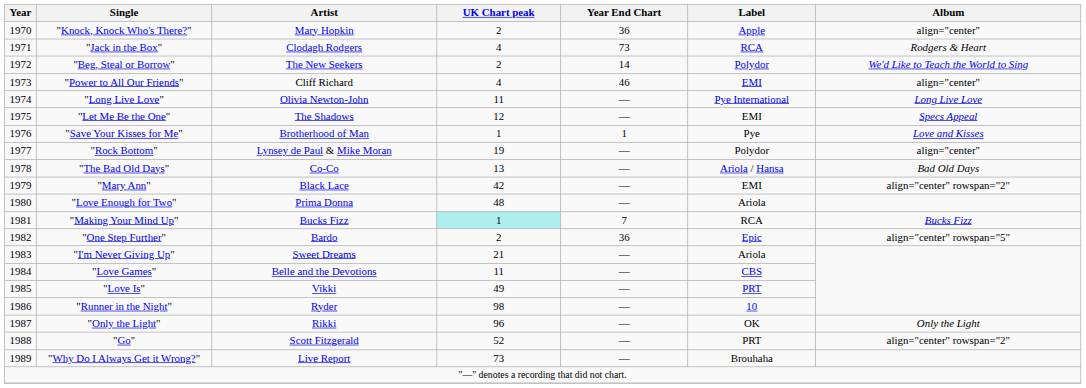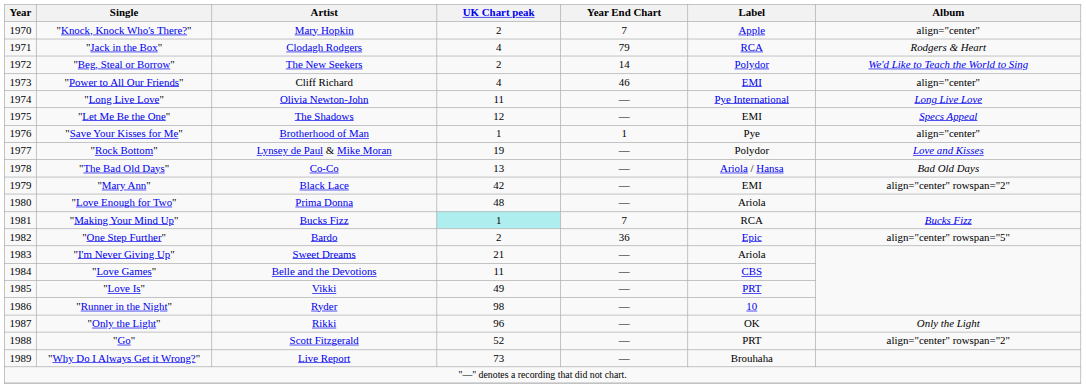 <table class="wikitable" style="text-align:center;width:100%;">
 <tr>
 <th width="40">Year</th>
 <th width="250">Single</th>
 <th>Artist</th>
 <th><a href='#'>UK Chart peak</a></th>
 <th>Year End Chart</th>
 <th>Label</th>
 <th>Album</th>
 </tr>
 <tr>
 <td align="center">1970</td>
 <td align="center">"<a href='#'>Knock, Knock Who's There?</a>"</td>
 <td align="center"><a href='#'>Mary Hopkin</a></td>
 <td align="center">2</td>
-<td align="center">36</td>
+<td align="center">7</td>
 <td align="center"><a href='#'>Apple</a></td>
 <td>align="center" </td>
 </tr>
 <tr>
 <td align="center">1971</td>
 <td align="center">"<a href='#'>Jack in the Box</a>"</td>
 <td align="center"><a href='#'>Clodagh Rodgers</a></td>
 <td align="center">4</td>
-<td align="center">73</td>
+<td align="center">79</td>
 <td align="center"><a href='#'>RCA</a></td>
 <td align="center"><em>Rodgers & Heart</em></td>
 </tr>
 <tr>
 <td align="center">1972</td>
 <td align="center">"<a href='#'>Beg, Steal or Borrow</a>"</td>
 <td align="center"><a href='#'>The New Seekers</a></td>
 <td align="center">2</td>
 <td align="center">14</td>
 <td align="center"><a href='#'>Polydor</a></td>
 <td align="center"><a href='#'><em>We'd Like to Teach the World to Sing</em></a></td>
 </tr>
 <tr>
 <td align="center">1973</td>
 <td align="center">"<a href='#'>Power to All Our Friends</a>"</td>
 <td align="center">Cliff Richard</td>
 <td align="center">4</td>
 <td align="center">46</td>
 <td align="center"><a href='#'>EMI</a></td>
 <td>align="center" </td>
 </tr>
 <tr>
 <td align="center">1974</td>
 <td align="center">"<a href='#'>Long Live Love</a>"</td>
 <td align="center"><a href='#'>Olivia Newton-John</a></td>
 <td align="center">11</td>
 <td align="center">—</td>
 <td align="center"><a href='#'>Pye International</a></td>
 <td align="center"><em><a href='#'>Long Live Love</a></em></td>
 </tr>
 <tr>
 <td align="center">1975</td>
 <td align="center">"<a href='#'>Let Me Be the One</a>"</td>
 <td align="center"><a href='#'>The Shadows</a></td>
 <td align="center">12</td>
 <td align="center">—</td>
 <td align="center">EMI</td>
 <td align="center"><em><a href='#'>Specs Appeal</a></em></td>
 </tr>
 <tr>
 <td align="center">1976</td>
 <td align="center">"<a href='#'>Save Your Kisses for Me</a>"</td>
 <td align="center"><a href='#'>Brotherhood of Man</a></td>
 <td align="center">1</td>
 <td align="center">1</td>
 <td align="center">Pye</td>
-<td align="center"><a href='#'><em>Love and Kisses</em></a></td>
+<td>align="center" </td>
 </tr>
 <tr>
 <td align="center">1977</td>
 <td align="center">"<a href='#'>Rock Bottom</a>"</td>
 <td align="center"><a href='#'>Lynsey de Paul</a> & <a href='#'>Mike Moran</a></td>
 <td align="center">19</td>
 <td align="center">—</td>
 <td align="center">Polydor</td>
-<td>align="center" </td>
+<td align="center"><a href='#'><em>Love and Kisses</em></a></td>
 </tr>
 <tr>
 <td align="center">1978</td>
 <td align="center">"<a href='#'>The Bad Old Days</a>"</td>
 <td align="center"><a href='#'>Co-Co</a></td>
 <td align="center">13</td>
 <td align="center">—</td>
 <td align="center"><a href='#'>Ariola</a> / <a href='#'>Hansa</a></td>
 <td align="center"><em>Bad Old Days</em></td>
 </tr>
 <tr>
 <td align="center">1979</td>
 <td align="center">"<a href='#'>Mary Ann</a>"</td>
 <td align="center"><a href='#'>Black Lace</a></td>
 <td align="center">42</td>
 <td align="center">—</td>
 <td align="center">EMI</td>
 <td>align="center" rowspan="2" </td>
 </tr>
 <tr>
 <td align="center">1980</td>
 <td align="center">"<a href='#'>Love Enough for Two</a>"</td>
 <td align="center"><a href='#'>Prima Donna</a></td>
 <td align="center">48</td>
 <td align="center">—</td>
 <td align="center">Ariola</td>
 </tr>
 <tr>
 <td align="center">1981</td>
 <td align="center">"<a href='#'>Making Your Mind Up</a>"</td>
 <td align="center"><a href='#'>Bucks Fizz</a></td>
 <td align="center" style="background: paleturquoise;">1</td>
 <td align="center">7</td>
 <td align="center">RCA</td>
 <td align="center"><a href='#'><em>Bucks Fizz</em></a></td>
 </tr>
 <tr>
 <td align="center">1982</td>
 <td align="center">"<a href='#'>One Step Further</a>"</td>
 <td align="center"><a href='#'>Bardo</a></td>
 <td align="center">2</td>
 <td align="center">36</td>
 <td align="center"><a href='#'>Epic</a></td>
 <td>align="center" rowspan="5" </td>
 </tr>
 <tr>
 <td align="center">1983</td>
 <td align="center">"<a href='#'>I'm Never Giving Up</a>"</td>
 <td align="center"><a href='#'>Sweet Dreams</a></td>
 <td align="center">21</td>
 <td align="center">—</td>
 <td align="center">Ariola</td>
 </tr>
 <tr>
 <td align="center">1984</td>
 <td align="center">"<a href='#'>Love Games</a>"</td>
 <td align="center"><a href='#'>Belle and the Devotions</a></td>
 <td align="center">11</td>
 <td align="center">—</td>
 <td align="center"><a href='#'>CBS</a></td>
 </tr>
 <tr>
 <td align="center">1985</td>
 <td align="center">"<a href='#'>Love Is</a>"</td>
 <td align="center"><a href='#'>Vikki</a></td>
 <td align="center">49</td>
 <td align="center">—</td>
 <td align="center"><a href='#'>PRT</a></td>
 </tr>
 <tr>
 <td align="center">1986</td>
 <td align="center">"<a href='#'>Runner in the Night</a>"</td>
 <td align="center"><a href='#'>Ryder</a></td>
 <td align="center">98</td>
 <td align="center">—</td>
 <td align="center"><a href='#'>10</a></td>
 </tr>
 <tr>
 <td align="center">1987</td>
 <td align="center">"<a href='#'>Only the Light</a>"</td>
 <td align="center"><a href='#'>Rikki</a></td>
 <td align="center">96</td>
 <td align="center">—</td>
 <td align="center">OK</td>
 <td align="center"><em>Only the Light</em></td>
 </tr>
 <tr>
 <td align="center">1988</td>
 <td align="center">"<a href='#'>Go</a>"</td>
 <td align="center"><a href='#'>Scott Fitzgerald</a></td>
 <td align="center">52</td>
 <td align="center">—</td>
 <td align="center">PRT</td>
 <td>align="center" rowspan="2" </td>
 </tr>
 <tr>
 <td align="center">1989</td>
 <td align="center">"<a href='#'>Why Do I Always Get it Wrong?</a>"</td>
 <td align="center"><a href='#'>Live Report</a></td>
 <td align="center">73</td>
 <td align="center">—</td>
 <td align="center">Brouhaha</td>
 </tr>
 <tr>
 <td colspan="7" style="font-size:90%">"—" denotes a recording that did not chart.</td>
 </tr>
 <tr>
 </tr>
 </table>
